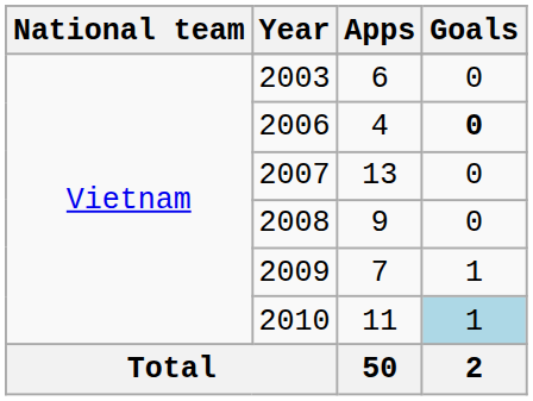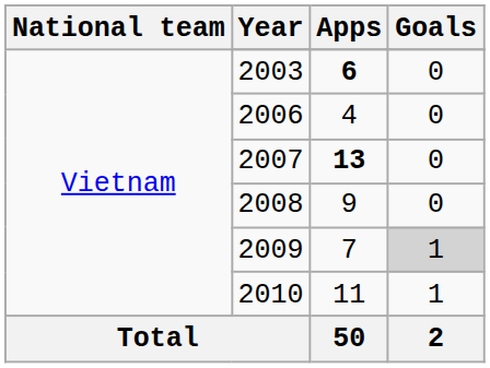 <table class="wikitable" style="text-align:center">
 <tr>
 <th>National team</th>
 <th>Year</th>
 <th>Apps</th>
 <th>Goals</th>
 </tr>
 <tr>
 <td rowspan=7><a href='#'>Vietnam</a></td>
 </tr>
 <tr>
 <td>2003</td>
-<td>6</td>
+<td><strong>6</strong></td>
 <td>0</td>
 </tr>
 <tr>
 <td>2006</td>
 <td>4</td>
-<td><strong>0</strong></td>
+<td>0</td>
 </tr>
 <tr>
 <td>2007</td>
-<td>13</td>
+<td><strong>13</strong></td>
 <td>0</td>
 </tr>
 <tr>
 <td>2008</td>
 <td>9</td>
 <td>0</td>
 </tr>
 <tr>
 <td>2009</td>
 <td>7</td>
-<td>1</td>
+<td style="background: lightgrey;">1</td>
 </tr>
 <tr>
 <td>2010</td>
 <td>11</td>
-<td style="background: lightblue;">1</td>
+<td>1</td>
 </tr>
 <tr>
 <th colspan=2>Total</th>
 <th>50</th>
 <th>2</th>
 </tr>
 </table>
